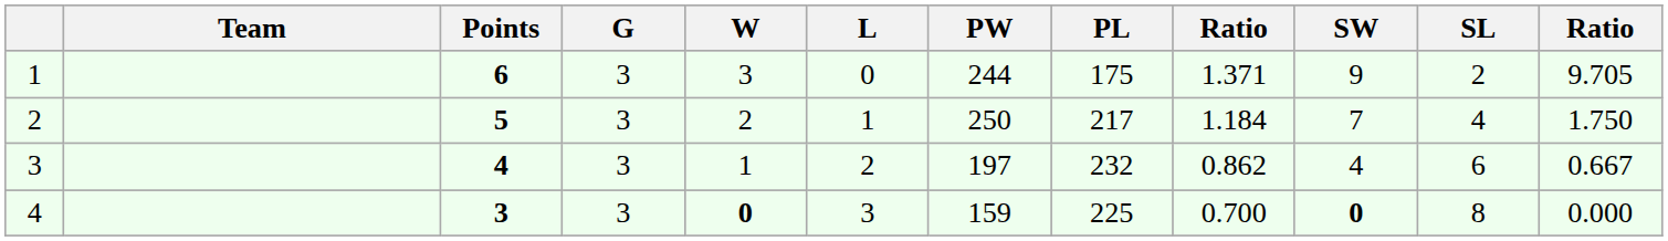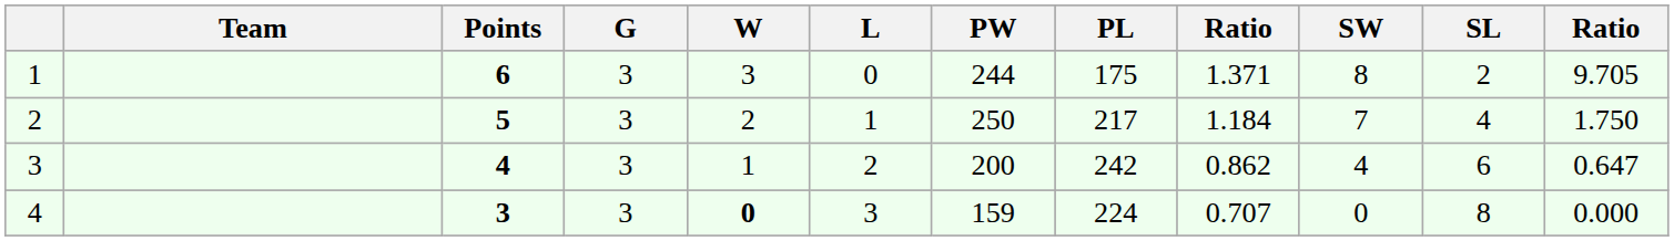 <table class=wikitable style="text-align:center">
 <tr bgcolor="#DCDCDC">
 <th width="25"></th>
 <th width="200">Team</th>
 <th width="60">Points</th>
 <th width="60">G</th>
 <th width="60">W</th>
 <th width="60">L</th>
 <th width="60">PW</th>
 <th width="60">PL</th>
 <th width="60">Ratio</th>
 <th width="60">SW</th>
 <th width="60">SL</th>
 <th width="60">Ratio</th>
 </tr>
 <tr bgcolor=#eeffee>
 <td>1</td>
 <td align=left></td>
 <td><strong>6</strong></td>
 <td>3</td>
 <td>3</td>
 <td>0</td>
 <td>244</td>
 <td>175</td>
 <td>1.371</td>
-<td>9</td>
+<td>8</td>
 <td>2</td>
 <td>9.705</td>
 </tr>
 <tr bgcolor=#eeffee>
 <td>2</td>
 <td align=left></td>
 <td><strong>5</strong></td>
 <td>3</td>
 <td>2</td>
 <td>1</td>
 <td>250</td>
 <td>217</td>
 <td>1.184</td>
 <td>7</td>
 <td>4</td>
 <td>1.750</td>
 </tr>
 <tr bgcolor=#eeffee>
 <td>3</td>
 <td align=left></td>
 <td><strong>4</strong></td>
 <td>3</td>
 <td>1</td>
 <td>2</td>
-<td>197</td>
-<td>232</td>
+<td>200</td>
+<td>242</td>
 <td>0.862</td>
 <td>4</td>
 <td>6</td>
-<td>0.667</td>
+<td>0.647</td>
 </tr>
 <tr bgcolor=#eeffee>
 <td>4</td>
 <td align=left></td>
 <td><strong>3</strong></td>
 <td>3</td>
 <td><strong>0</strong></td>
 <td>3</td>
 <td>159</td>
-<td>225</td>
-<td>0.700</td>
-<td><strong>0</strong></td>
+<td>224</td>
+<td>0.707</td>
+<td>0</td>
 <td>8</td>
 <td>0.000</td>
 </tr>
 </table>
